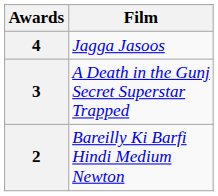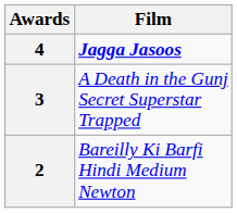 <table class="wikitable">
 <tr>
 <th>Awards</th>
 <th>Film</th>
 </tr>
 <tr>
 <th scope=row>4</th>
-<td><em><a href='#'>Jagga Jasoos</a></em></td>
+<td><strong><em><a href='#'>Jagga Jasoos</a></em></strong></td>
 </tr>
 <tr>
 <th scope=row>3</th>
 <td><em><a href='#'>A Death in the Gunj</a></em> <br> <em><a href='#'>Secret Superstar</a></em> <br> <em><a href='#'>Trapped</a></em></td>
 </tr>
 <tr>
 <th scope=row>2</th>
 <td><em><a href='#'>Bareilly Ki Barfi</a></em> <br> <em><a href='#'>Hindi Medium</a></em> <br> <em><a href='#'>Newton</a></em></td>
 </tr>
 </table>
